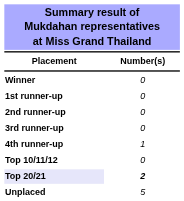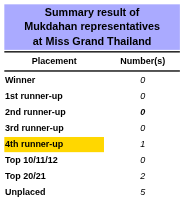 <table style="width: 270px; font-size:85%; line-height:1.5em;">
 <tr>
 <th colspan="2" align="center" style="background:#AAF;"><big>Summary result of<br>Mukdahan representatives<br>at Miss Grand Thailand</big></th>
 </tr>
 <tr>
 <td colspan="2" style="background:black"></td>
 </tr>
 <tr>
 <th scope="col">Placement</th>
 <th scope="col">Number(s)</th>
 </tr>
 <tr>
 <td colspan="2" style="background:black"></td>
 </tr>
 <tr>
 <td align="left"><strong>Winner</strong></td>
 <td align="center"><em>0</em></td>
 </tr>
 <tr>
 <td align="left"><strong>1st runner-up</strong></td>
 <td align="center"><em>0</em></td>
 </tr>
 <tr>
 <td align="left"><strong>2nd runner-up</strong></td>
-<td align="center"><em>0</em></td>
+<td align="center"><strong><em>0</em></strong></td>
 </tr>
 <tr>
 <td align="left"><strong>3rd runner-up</strong></td>
 <td align="center"><em>0</em></td>
 </tr>
 <tr>
-<td align="left"><strong>4th runner-up</strong></td>
+<td align="left" style="background: gold;"><strong>4th runner-up</strong></td>
 <td align="center"><em>1</em></td>
 </tr>
 <tr>
 <td align="left"><strong>Top 10/11/12</strong></td>
 <td align="center"><em>0</em></td>
 </tr>
 <tr>
-<td align="left" style="background: lavender;"><strong>Top 20/21</strong></td>
-<td align="center"><strong><em>2</em></strong></td>
+<td align="left"><strong>Top 20/21</strong></td>
+<td align="center"><em>2</em></td>
 </tr>
 <tr>
 <td align="left"><strong>Unplaced</strong></td>
 <td align="center"><em>5</em></td>
 </tr>
 </table>
